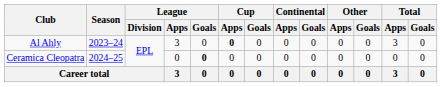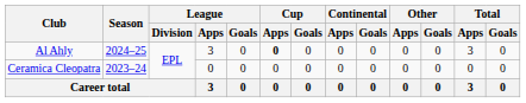 <table class=wikitable style=text-align:center>
 <tr>
 <th rowspan=2>Club</th>
 <th rowspan=2>Season</th>
 <th colspan=3>League</th>
 <th colspan=2>Cup</th>
 <th colspan=2>Continental</th>
 <th colspan=2>Other</th>
 <th colspan=2>Total</th>
 </tr>
 <tr>
 <th>Division</th>
 <th>Apps</th>
 <th>Goals</th>
 <th>Apps</th>
 <th>Goals</th>
 <th>Apps</th>
 <th>Goals</th>
 <th>Apps</th>
 <th>Goals</th>
 <th>Apps</th>
 <th>Goals</th>
 </tr>
 <tr>
 <td rowspan="1"><a href='#'>Al Ahly</a></td>
-<td><a href='#'>2023–24</a></td>
+<td><a href='#'>2024–25</a></td>
 <td rowspan="2"><a href='#'>EPL</a></td>
 <td>3</td>
 <td>0</td>
 <td><strong>0</strong></td>
 <td>0</td>
 <td>0</td>
 <td>0</td>
 <td>0</td>
 <td>0</td>
 <td>3</td>
 <td>0</td>
 </tr>
 <tr>
 <td rowspan="1"><a href='#'>Ceramica Cleopatra</a></td>
-<td><a href='#'>2024–25</a></td>
+<td><a href='#'>2023–24</a></td>
 <td>0</td>
-<td><strong>0</strong></td>
+<td>0</td>
 <td>0</td>
 <td>0</td>
 <td>0</td>
 <td>0</td>
 <td>0</td>
 <td>0</td>
 <td>0</td>
 <td>0</td>
 </tr>
 <tr>
 <th colspan=3>Career total</th>
 <th>3</th>
 <th>0</th>
 <th>0</th>
 <th>0</th>
 <th>0</th>
 <th>0</th>
 <th>0</th>
 <th>0</th>
 <th>3</th>
 <th>0</th>
 </tr>
 </table>
